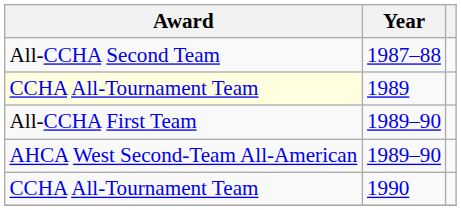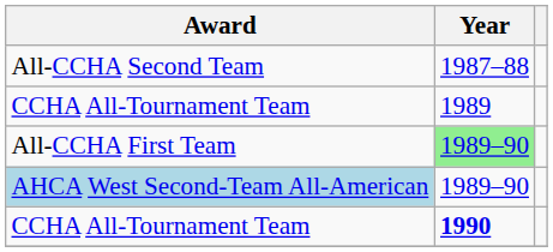 <table class="wikitable">
 <tr>
 <th>Award</th>
 <th>Year</th>
 <th></th>
 </tr>
 <tr>
 <td>All-<a href='#'>CCHA</a> <a href='#'>Second Team</a></td>
 <td><a href='#'>1987–88</a></td>
 <td></td>
 </tr>
 <tr>
-<td style="background: lightyellow;"><a href='#'>CCHA</a> <a href='#'>All-Tournament Team</a></td>
+<td><a href='#'>CCHA</a> <a href='#'>All-Tournament Team</a></td>
 <td><a href='#'>1989</a></td>
 <td></td>
 </tr>
 <tr>
 <td>All-<a href='#'>CCHA</a> <a href='#'>First Team</a></td>
-<td><a href='#'>1989–90</a></td>
+<td style="background: lightgreen;"><a href='#'>1989–90</a></td>
 <td></td>
 </tr>
 <tr>
-<td><a href='#'>AHCA</a> <a href='#'>West Second-Team All-American</a></td>
+<td style="background: lightblue;"><a href='#'>AHCA</a> <a href='#'>West Second-Team All-American</a></td>
 <td><a href='#'>1989–90</a></td>
 <td></td>
 </tr>
 <tr>
 <td><a href='#'>CCHA</a> <a href='#'>All-Tournament Team</a></td>
-<td><a href='#'>1990</a></td>
+<td><strong><a href='#'>1990</a></strong></td>
 <td></td>
 </tr>
 <tr>
 </tr>
 </table>
